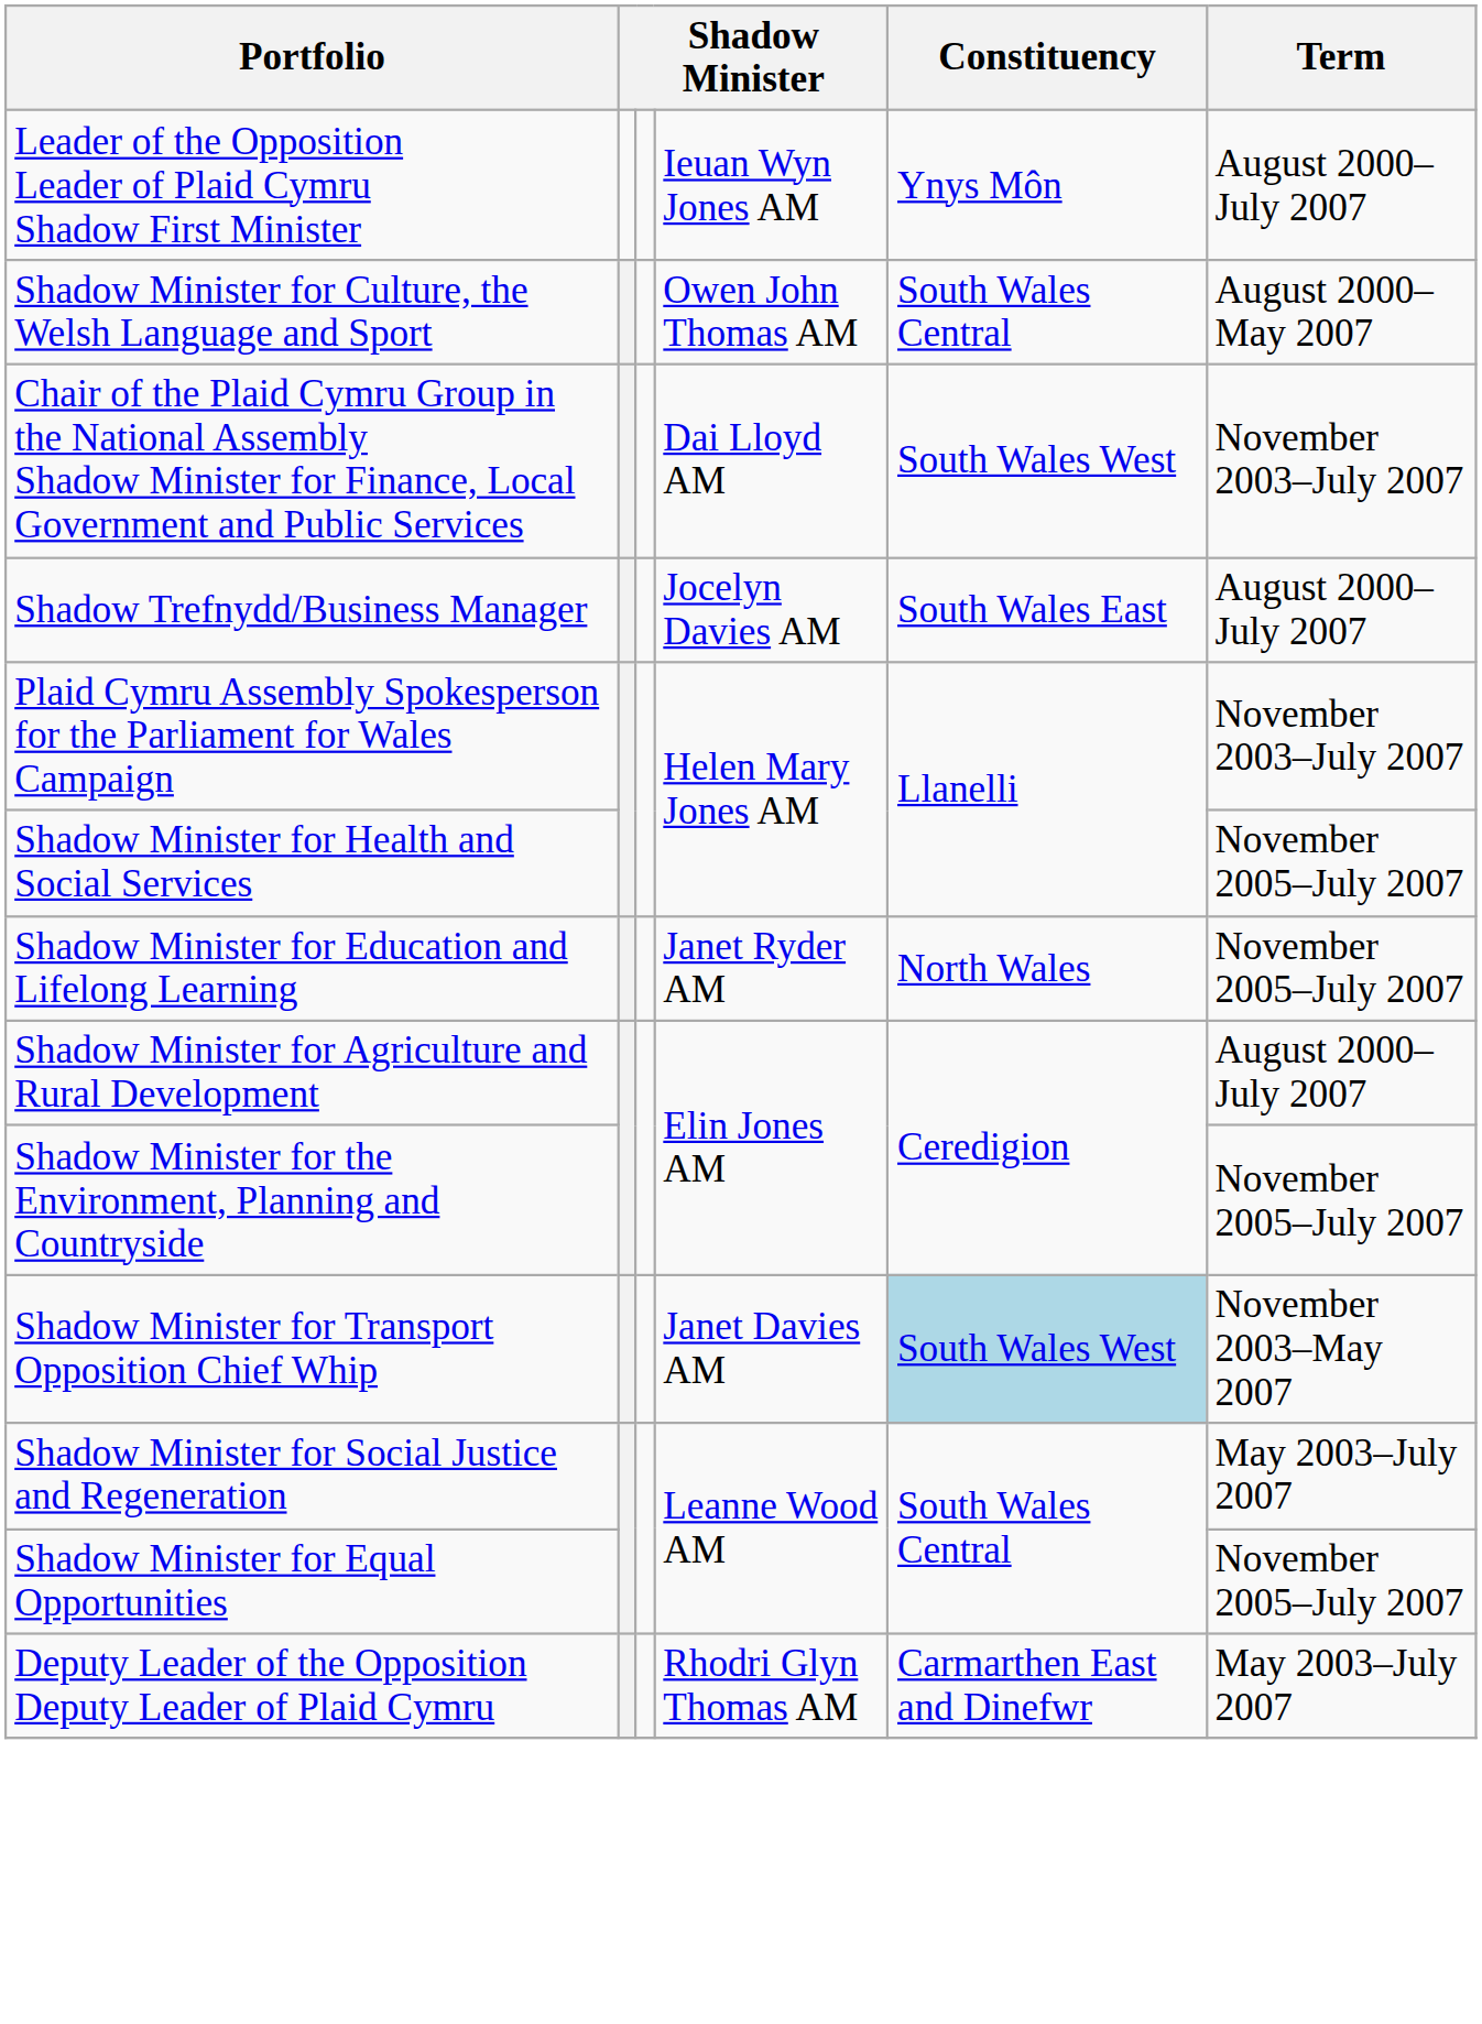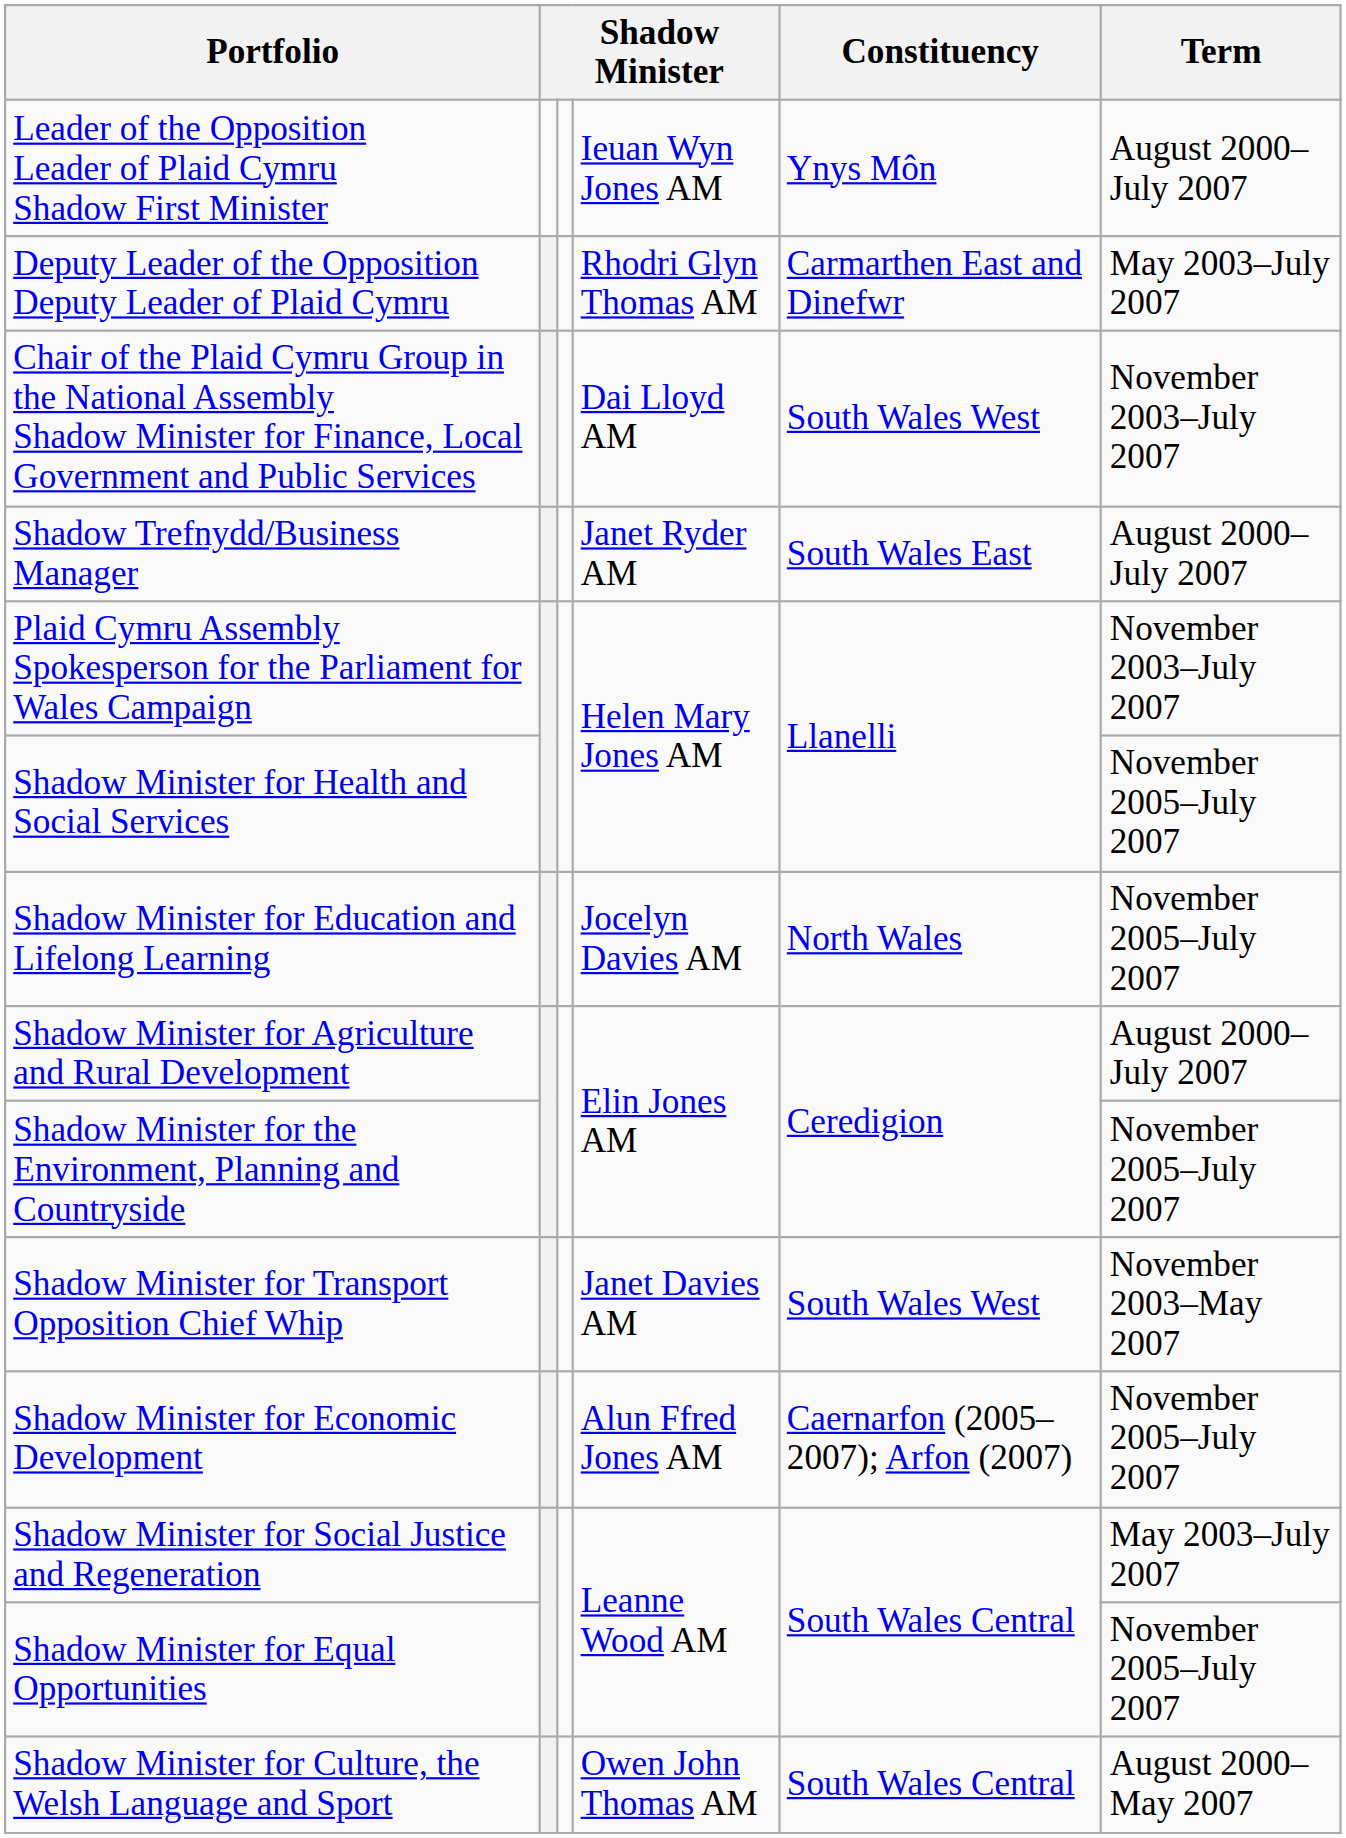 <table class="wikitable">
 <tr>
 <th colspan="1">Portfolio</th>
 <th colspan="3">Shadow Minister</th>
 <th colspan="1">Constituency</th>
 <th colspan="1">Term</th>
 </tr>
 <tr>
 <td><a href='#'>Leader of the Opposition</a><br><a href='#'>Leader of Plaid Cymru</a><br><a href='#'>Shadow First Minister</a></td>
 <td style="background: "></td>
 <td></td>
 <td><a href='#'>Ieuan Wyn Jones</a> AM</td>
 <td><a href='#'>Ynys Môn</a></td>
 <td>August 2000–July 2007</td>
 </tr>
 <tr>
-<td><a href='#'>Shadow Minister for Culture, the Welsh Language and Sport</a></td>
+<td><a href='#'>Deputy Leader of the Opposition</a><br><a href='#'>Deputy Leader of Plaid Cymru</a></td>
 <th style="background-color: "></th>
 <td></td>
-<td><a href='#'>Owen John Thomas</a> AM</td>
-<td><a href='#'>South Wales Central</a></td>
-<td>August 2000–May 2007</td>
+<td><a href='#'>Rhodri Glyn Thomas</a> AM</td>
+<td><a href='#'>Carmarthen East and Dinefwr</a></td>
+<td>May 2003–July 2007</td>
 </tr>
 <tr>
 <td><a href='#'>Chair of the Plaid Cymru Group in the National Assembly</a><br><a href='#'>Shadow Minister for Finance, Local Government and Public Services</a></td>
 <th style="background: "></th>
 <td></td>
 <td><a href='#'>Dai Lloyd</a> AM</td>
 <td><a href='#'>South Wales West</a></td>
 <td>November 2003–July 2007</td>
 </tr>
 <tr>
 <td><a href='#'>Shadow Trefnydd/Business Manager</a></td>
 <th style="background: "></th>
 <td></td>
-<td><a href='#'>Jocelyn Davies</a> AM</td>
+<td><a href='#'>Janet Ryder</a> AM</td>
 <td><a href='#'>South Wales East</a></td>
 <td>August 2000–July 2007</td>
 </tr>
 <tr>
 <td><a href='#'>Plaid Cymru Assembly Spokesperson for the Parliament for Wales Campaign</a></td>
 <th rowspan="2" style="background-color: "></th>
 <td rowspan="2"></td>
 <td rowspan="2"><a href='#'>Helen Mary Jones</a> AM</td>
 <td rowspan="2"><a href='#'>Llanelli</a></td>
 <td>November 2003–July 2007</td>
 </tr>
 <tr>
 <td><a href='#'>Shadow Minister for Health and Social Services</a></td>
 <td>November 2005–July 2007</td>
 </tr>
 <tr>
 <td><a href='#'>Shadow Minister for Education and Lifelong Learning</a></td>
 <th style="background-color: "></th>
 <td></td>
-<td><a href='#'>Janet Ryder</a> AM</td>
+<td><a href='#'>Jocelyn Davies</a> AM</td>
 <td><a href='#'>North Wales</a></td>
 <td>November 2005–July 2007</td>
 </tr>
 <tr>
 <td><a href='#'>Shadow Minister for Agriculture and Rural Development</a></td>
 <th rowspan="2" style="background-color: "></th>
 <td rowspan="2"></td>
 <td rowspan="2"><a href='#'>Elin Jones</a> AM</td>
 <td rowspan="2"><a href='#'>Ceredigion</a></td>
 <td>August 2000–July 2007</td>
 </tr>
 <tr>
 <td><a href='#'>Shadow Minister for the Environment, Planning and Countryside</a></td>
 <td>November 2005–July 2007</td>
 </tr>
 <tr>
 <td><a href='#'>Shadow Minister for Transport</a><br><a href='#'>Opposition Chief Whip</a></td>
 <th style="background-color: "></th>
 <td></td>
 <td><a href='#'>Janet Davies</a> AM</td>
-<td style="background: lightblue;"><a href='#'>South Wales West</a></td>
+<td><a href='#'>South Wales West</a></td>
 <td>November 2003–May 2007</td>
+</tr>
+<tr>
+<td><a href='#'>Shadow Minister for Economic Development</a></td>
+<th style="background: "></th>
+<td></td>
+<td><a href='#'>Alun Ffred Jones</a> AM</td>
+<td><a href='#'>Caernarfon</a> (2005–2007); <a href='#'>Arfon</a> (2007)</td>
+<td>November 2005–July 2007</td>
 </tr>
 <tr>
 <td><a href='#'>Shadow Minister for Social Justice and Regeneration</a></td>
 <th rowspan="2" style="background-color: "></th>
 <td rowspan="2"></td>
 <td rowspan="2"><a href='#'>Leanne Wood</a> AM</td>
 <td rowspan="2"><a href='#'>South Wales Central</a></td>
 <td>May 2003–July 2007</td>
 </tr>
 <tr>
 <td><a href='#'>Shadow Minister for Equal Opportunities</a></td>
 <td>November 2005–July 2007</td>
 </tr>
 <tr>
-<td><a href='#'>Deputy Leader of the Opposition</a><br><a href='#'>Deputy Leader of Plaid Cymru</a></td>
+<td><a href='#'>Shadow Minister for Culture, the Welsh Language and Sport</a></td>
 <th style="background-color: "></th>
 <td></td>
-<td><a href='#'>Rhodri Glyn Thomas</a> AM</td>
-<td><a href='#'>Carmarthen East and Dinefwr</a></td>
-<td>May 2003–July 2007</td>
+<td><a href='#'>Owen John Thomas</a> AM</td>
+<td><a href='#'>South Wales Central</a></td>
+<td>August 2000–May 2007</td>
 </tr>
 <tr>
 </tr>
 </table>
